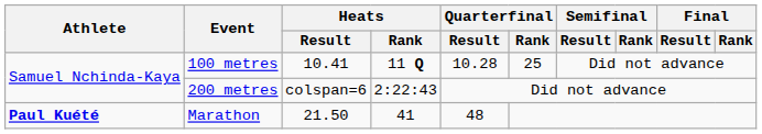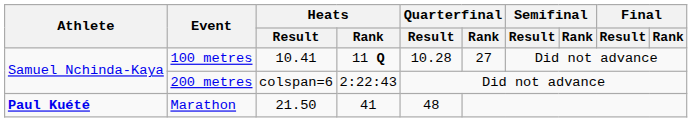 <table class="wikitable" style="font-size:90%">
 <tr>
 <th rowspan="2">Athlete</th>
 <th rowspan="2">Event</th>
 <th colspan="2">Heats</th>
 <th colspan="2">Quarterfinal</th>
 <th colspan="2">Semifinal</th>
 <th colspan="2">Final</th>
 </tr>
 <tr style="font-size:95%">
 <th>Result</th>
 <th>Rank</th>
 <th>Result</th>
 <th>Rank</th>
 <th>Result</th>
 <th>Rank</th>
 <th>Result</th>
 <th>Rank</th>
 </tr>
 <tr align=center>
 <td align=left rowspan=2><a href='#'>Samuel Nchinda-Kaya</a></td>
 <td align=left><a href='#'>100 metres</a></td>
 <td>10.41</td>
 <td>11 <strong>Q</strong></td>
 <td>10.28</td>
-<td>25</td>
+<td>27</td>
 <td colspan=4>Did not advance</td>
 </tr>
 <tr align=center>
 <td align=left><a href='#'>200 metres</a></td>
 <td>colspan=6</td>
 <td>2:22:43</td>
 <td colspan=6>Did not advance</td>
 </tr>
 <tr align=center>
 <td align=left><strong><a href='#'>Paul Kuété</a></strong></td>
 <td align=left><a href='#'>Marathon</a></td>
 <td>21.50</td>
 <td>41</td>
 <td>48</td>
 </tr>
 </table>
